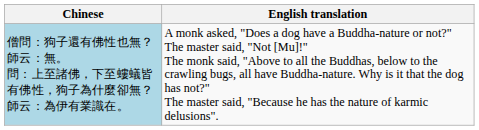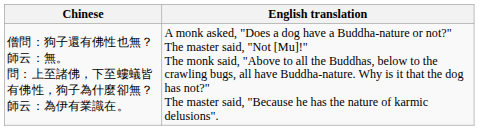 <table class=wikitable style="width:70%;">
 <tr>
 <th>Chinese</th>
 <th>English translation</th>
 </tr>
 <tr>
-<td style="background: lightblue;">僧問：狗子還有佛性也無？<br>師云：無。<br>問：上至諸佛，下至螻蟻皆有佛性，狗子為什麼卻無？<br>師云：為伊有業識在。</td>
+<td>僧問：狗子還有佛性也無？<br>師云：無。<br>問：上至諸佛，下至螻蟻皆有佛性，狗子為什麼卻無？<br>師云：為伊有業識在。</td>
 <td>A monk asked, "Does a dog have a Buddha-nature or not?"<br>The master said, "Not [Mu]!"<br>The monk said, "Above to all the Buddhas, below to the crawling bugs, all have Buddha-nature. Why is it that the dog has not?"<br>The master said, "Because he has the nature of karmic delusions".<br></td>
 </tr>
 </table>
